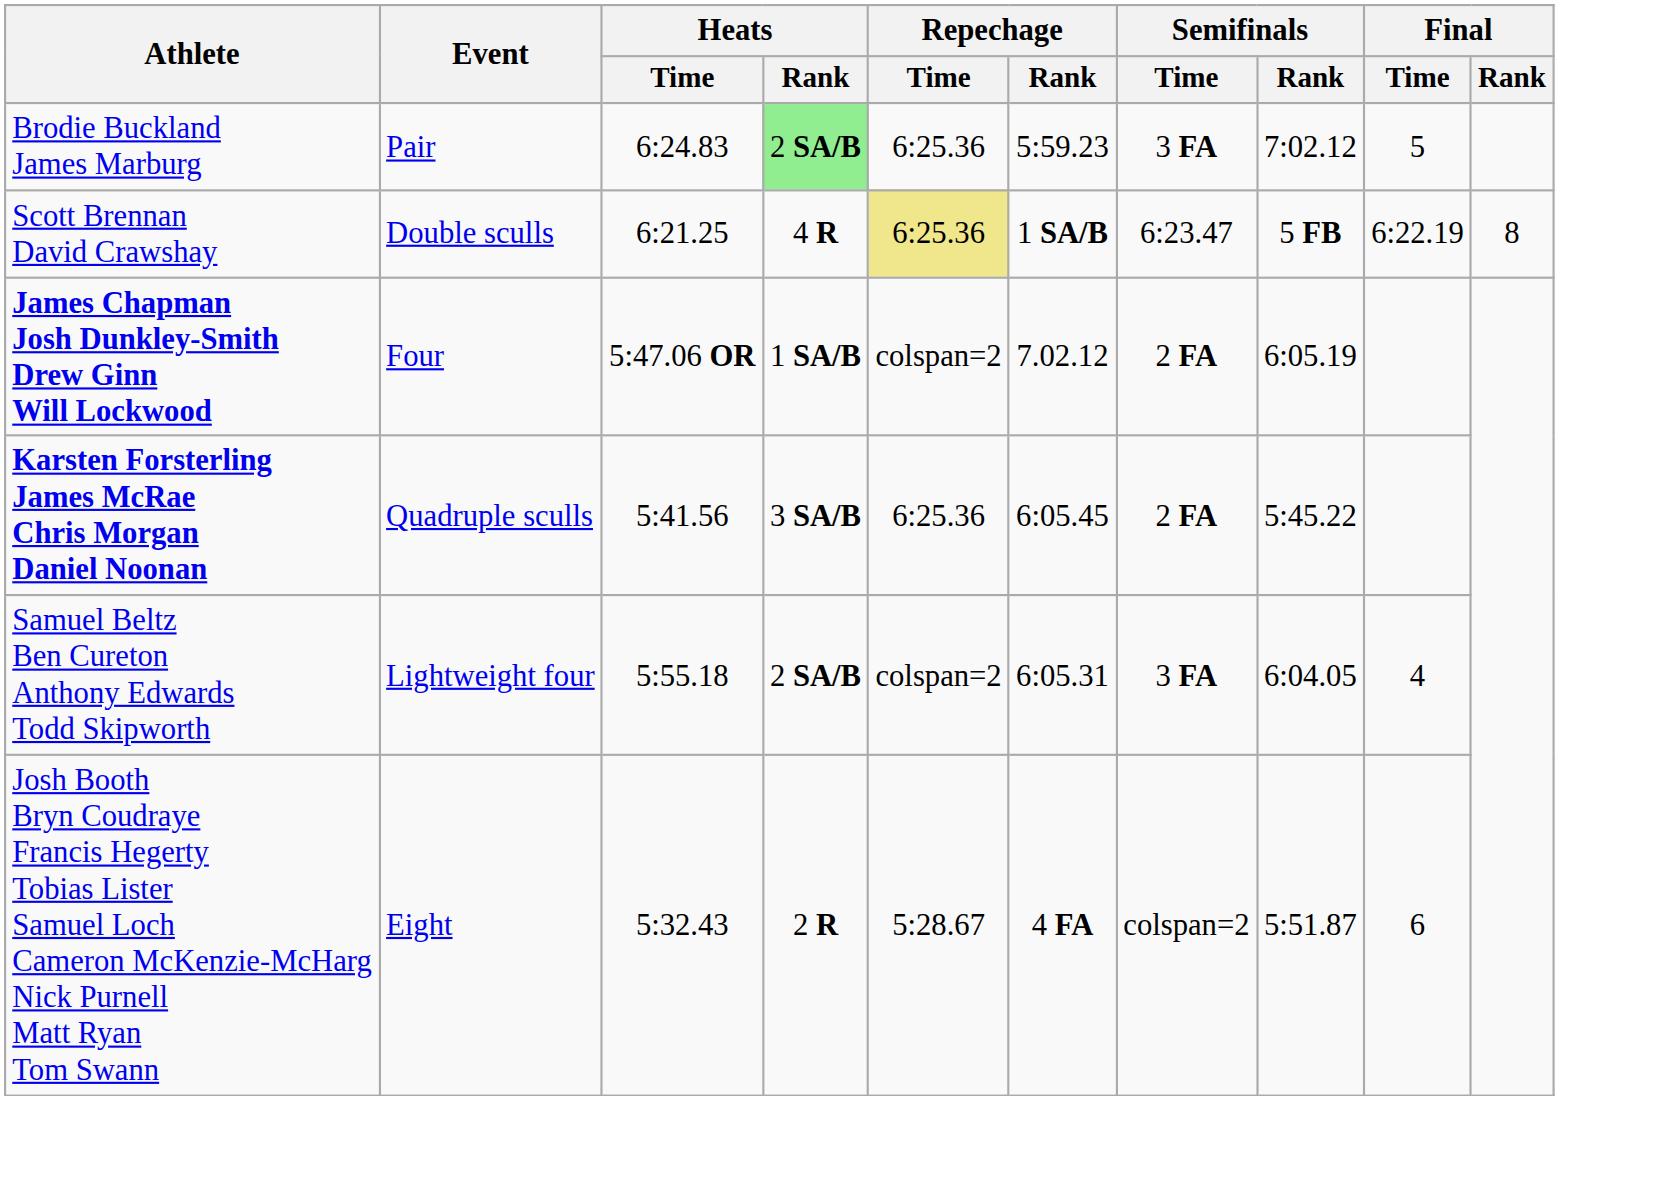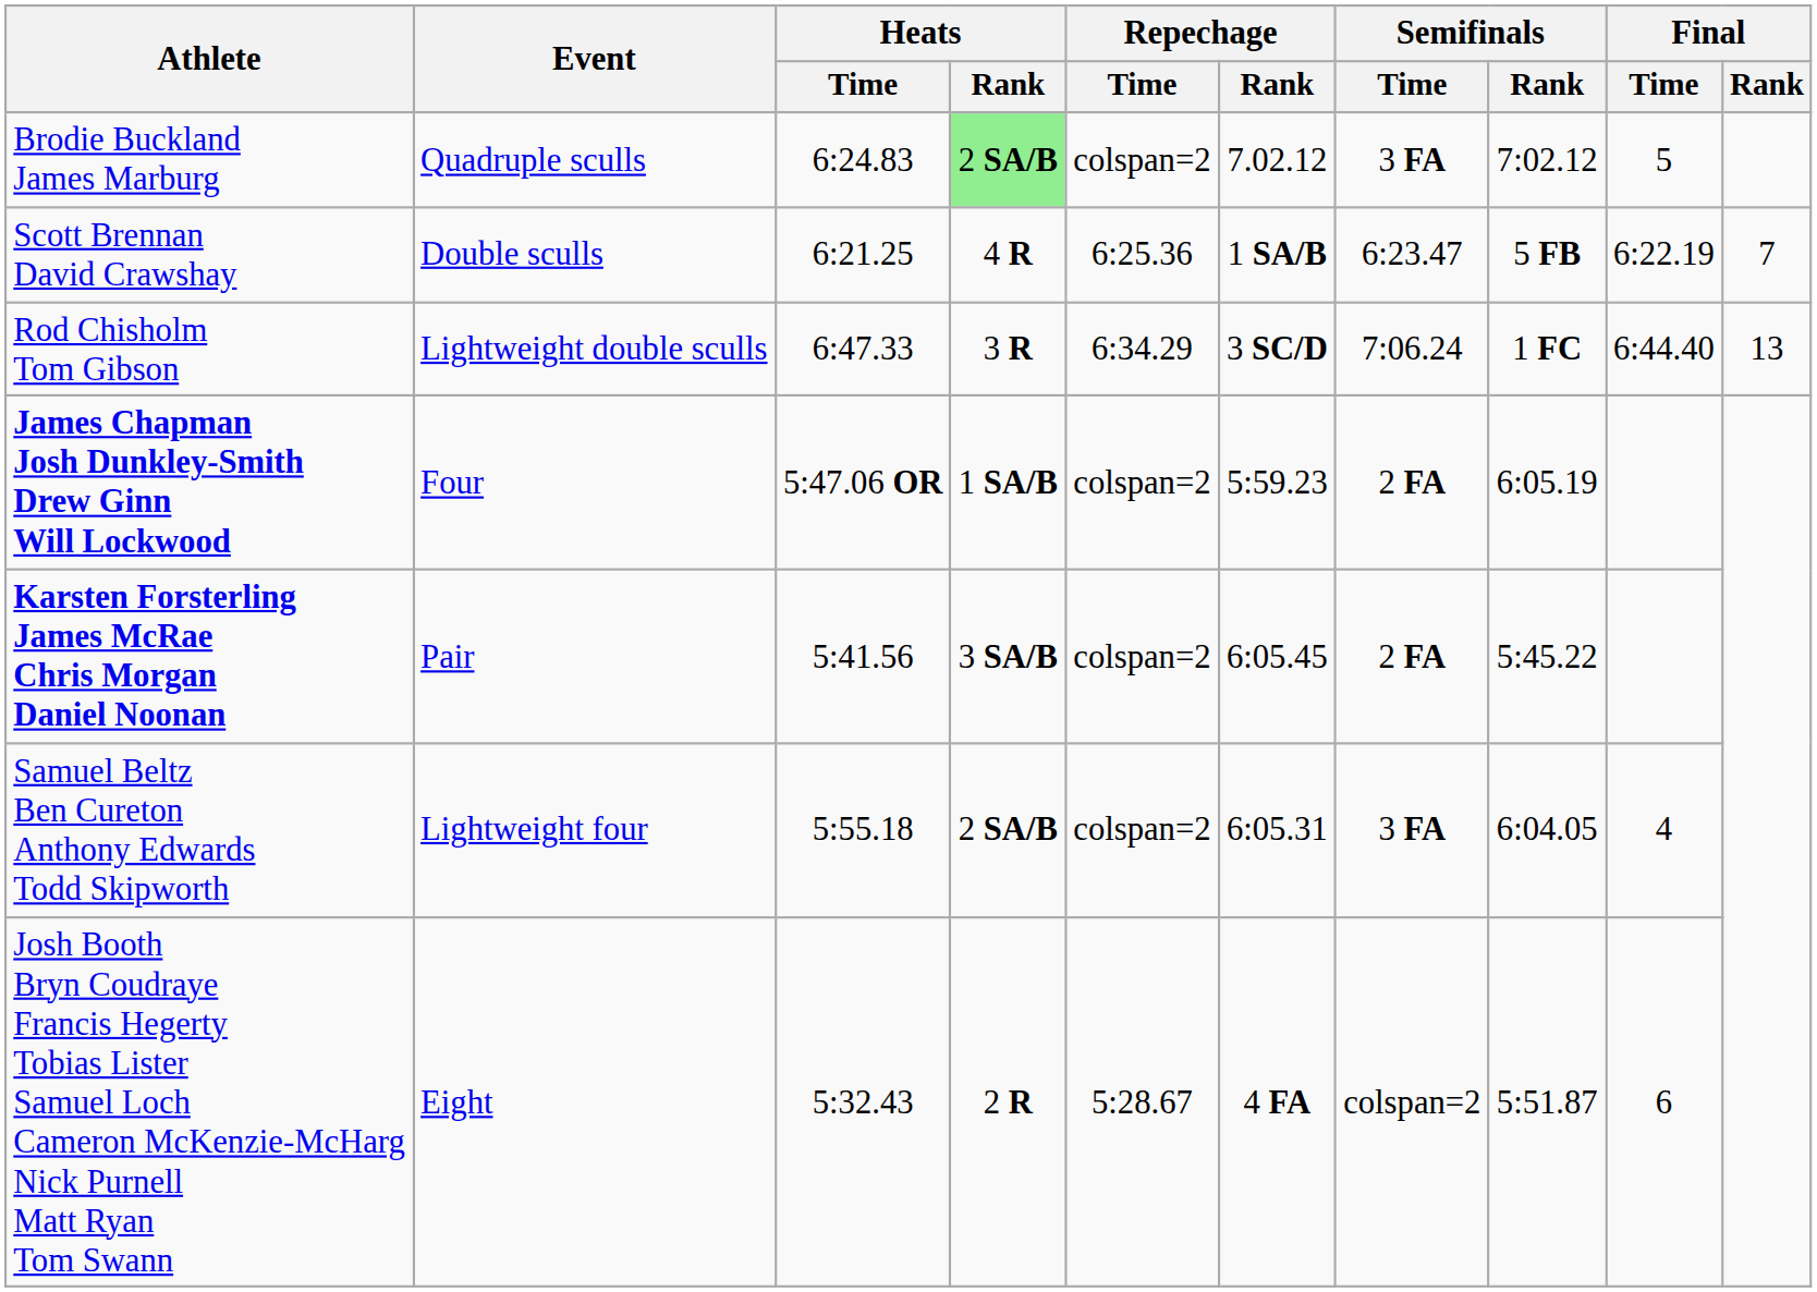 <table class="wikitable" style="font-size:90%">
 <tr>
 <th rowspan="2">Athlete</th>
 <th rowspan="2">Event</th>
 <th colspan="2">Heats</th>
 <th colspan="2">Repechage</th>
 <th colspan="2">Semifinals</th>
 <th colspan="2">Final</th>
 </tr>
 <tr style="font-size:95%">
 <th>Time</th>
 <th>Rank</th>
 <th>Time</th>
 <th>Rank</th>
 <th>Time</th>
 <th>Rank</th>
 <th>Time</th>
 <th>Rank</th>
 </tr>
 <tr align=center>
 <td align=left><a href='#'>Brodie Buckland</a> <br> <a href='#'>James Marburg</a></td>
-<td align=left><a href='#'>Pair</a></td>
+<td align=left><a href='#'>Quadruple sculls</a></td>
 <td>6:24.83</td>
 <td style="background: lightgreen;">2 <strong>SA/B</strong></td>
-<td>6:25.36</td>
-<td>5:59.23</td>
+<td>colspan=2 </td>
+<td>7.02.12</td>
 <td>3 <strong>FA</strong></td>
 <td>7:02.12</td>
 <td>5</td>
 </tr>
 <tr align=center>
 <td align=left><a href='#'>Scott Brennan</a> <br> <a href='#'>David Crawshay</a></td>
 <td align=left><a href='#'>Double sculls</a></td>
 <td>6:21.25</td>
 <td>4 <strong>R</strong></td>
-<td style="background: khaki;">6:25.36</td>
+<td>6:25.36</td>
 <td>1 <strong>SA/B</strong></td>
 <td>6:23.47</td>
 <td>5 <strong>FB</strong></td>
 <td>6:22.19</td>
-<td>8</td>
+<td>7</td>
+</tr>
+<tr align=center>
+<td align=left><a href='#'>Rod Chisholm</a> <br> <a href='#'>Tom Gibson</a></td>
+<td align=left><a href='#'>Lightweight double sculls</a></td>
+<td>6:47.33</td>
+<td>3 <strong>R</strong></td>
+<td>6:34.29</td>
+<td>3 <strong>SC/D</strong></td>
+<td>7:06.24</td>
+<td>1 <strong>FC</strong></td>
+<td>6:44.40</td>
+<td>13</td>
 </tr>
 <tr align=center>
 <td align=left><strong><a href='#'>James Chapman</a> <br> <a href='#'>Josh Dunkley-Smith</a> <br> <a href='#'>Drew Ginn</a> <br> <a href='#'>Will Lockwood</a></strong></td>
 <td align=left><a href='#'>Four</a></td>
 <td>5:47.06 <strong>OR</strong></td>
 <td>1 <strong>SA/B</strong></td>
 <td>colspan=2 </td>
-<td>7.02.12</td>
+<td>5:59.23</td>
 <td>2 <strong>FA</strong></td>
 <td>6:05.19</td>
 <td></td>
 </tr>
 <tr align=center>
 <td align=left><strong><a href='#'>Karsten Forsterling</a> <br> <a href='#'>James McRae</a> <br> <a href='#'>Chris Morgan</a> <br> <a href='#'>Daniel Noonan</a></strong></td>
-<td align=left><a href='#'>Quadruple sculls</a></td>
+<td align=left><a href='#'>Pair</a></td>
 <td>5:41.56</td>
 <td>3 <strong>SA/B</strong></td>
-<td>6:25.36</td>
+<td>colspan=2 </td>
 <td>6:05.45</td>
 <td>2 <strong>FA</strong></td>
 <td>5:45.22</td>
 <td></td>
 </tr>
 <tr align=center>
 <td align=left><a href='#'>Samuel Beltz</a><br> <a href='#'>Ben Cureton</a> <br> <a href='#'>Anthony Edwards</a> <br> <a href='#'>Todd Skipworth</a></td>
 <td align=left><a href='#'>Lightweight four</a></td>
 <td>5:55.18</td>
 <td>2 <strong>SA/B</strong></td>
 <td>colspan=2 </td>
 <td>6:05.31</td>
 <td>3 <strong>FA</strong></td>
 <td>6:04.05</td>
 <td>4</td>
 </tr>
 <tr align=center>
 <td align=left><a href='#'>Josh Booth</a><br><a href='#'>Bryn Coudraye</a><br><a href='#'>Francis Hegerty</a><br><a href='#'>Tobias Lister</a><br><a href='#'>Samuel Loch</a><br><a href='#'>Cameron McKenzie-McHarg</a><br><a href='#'>Nick Purnell</a><br><a href='#'>Matt Ryan</a><br><a href='#'>Tom Swann</a></td>
 <td align=left><a href='#'>Eight</a></td>
 <td>5:32.43</td>
 <td>2 <strong>R</strong></td>
 <td>5:28.67</td>
 <td>4 <strong>FA</strong></td>
 <td>colspan=2 </td>
 <td>5:51.87</td>
 <td>6</td>
 </tr>
 </table>
